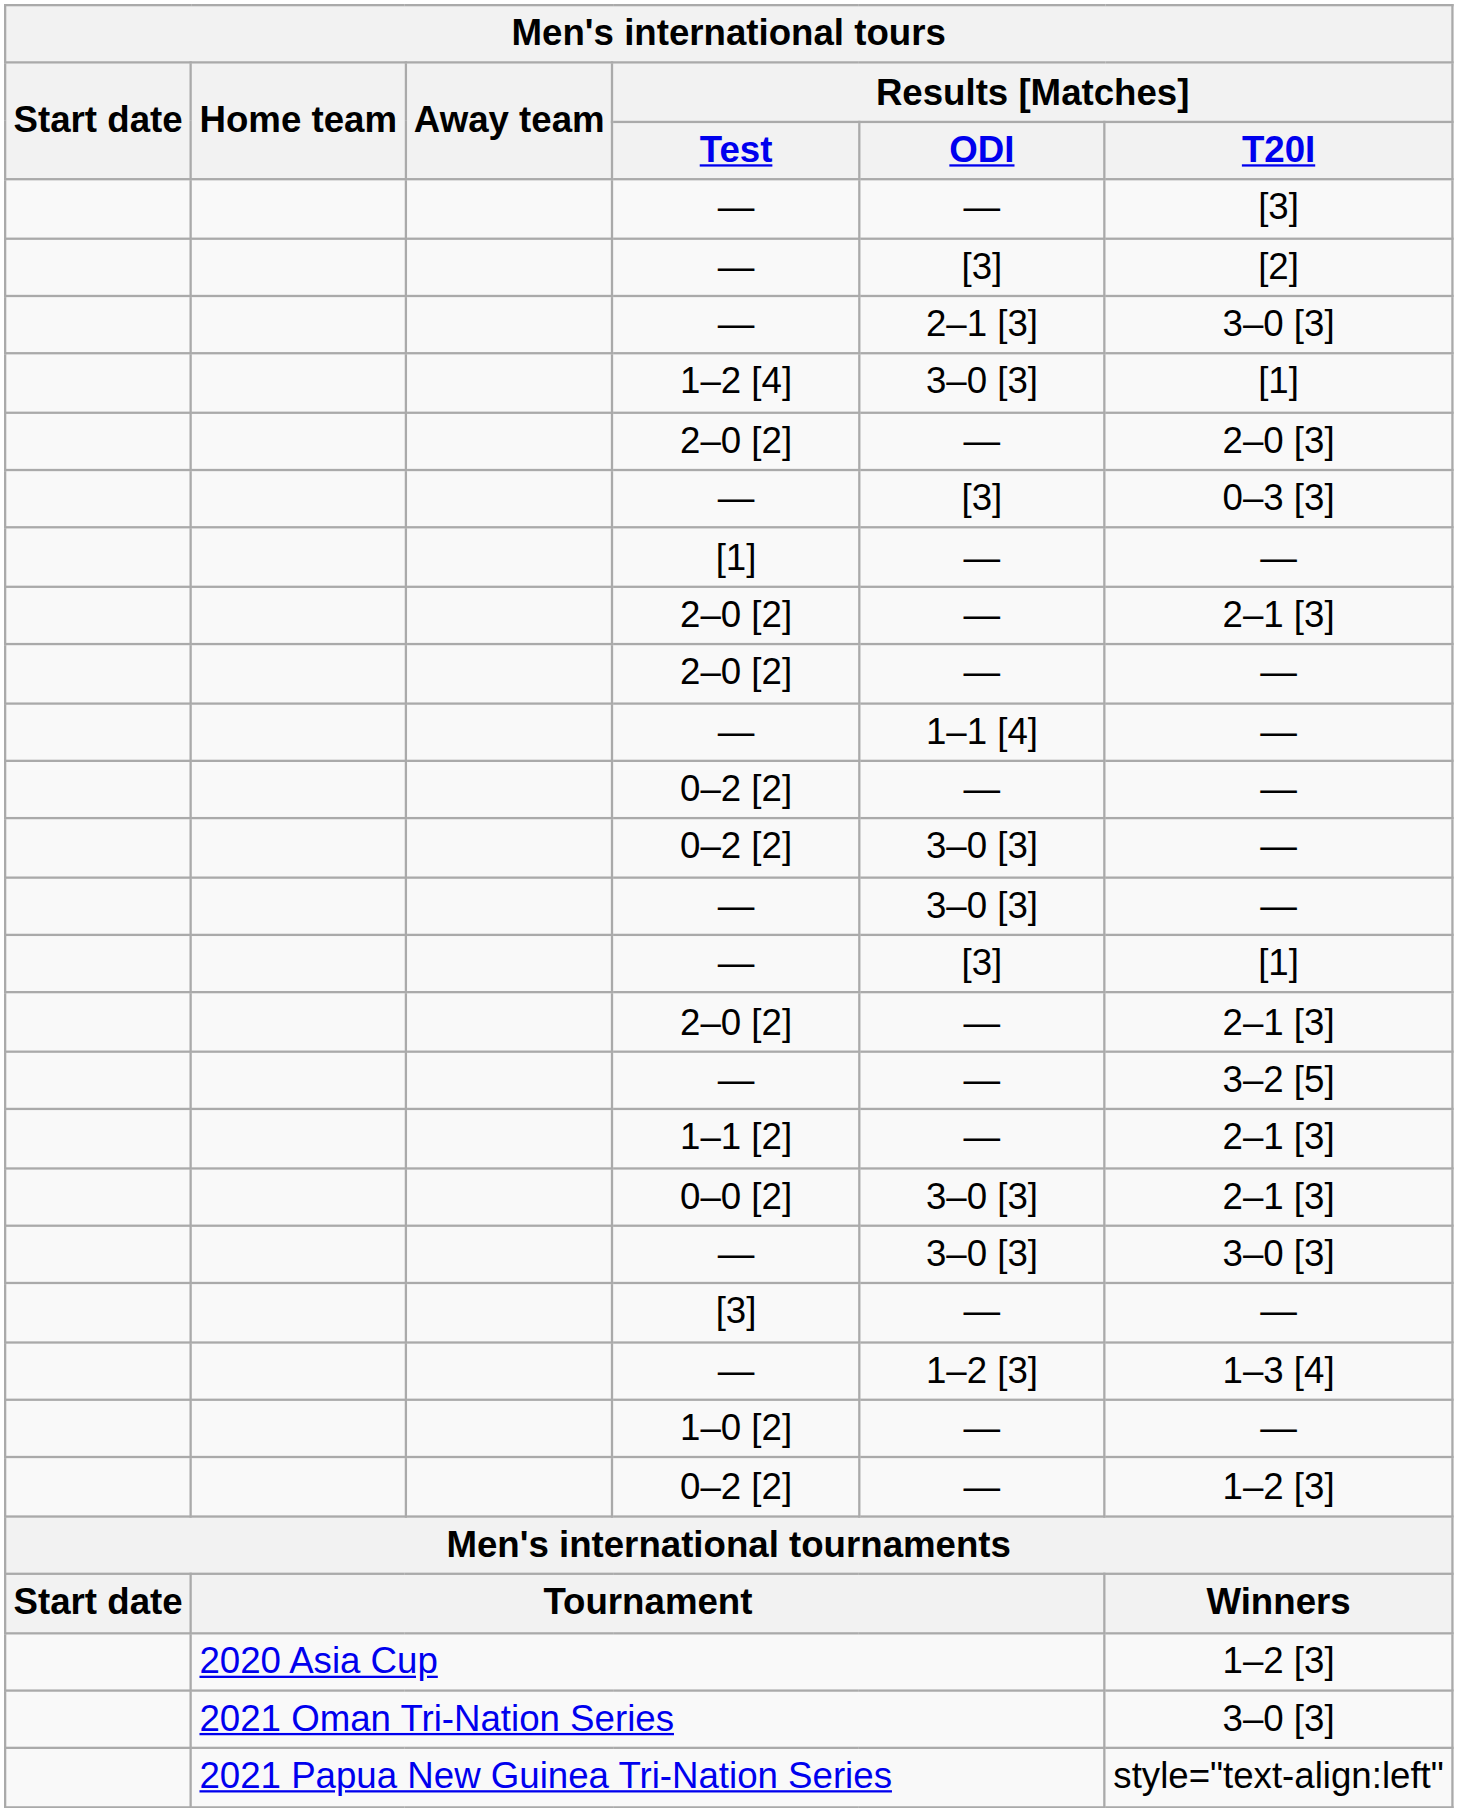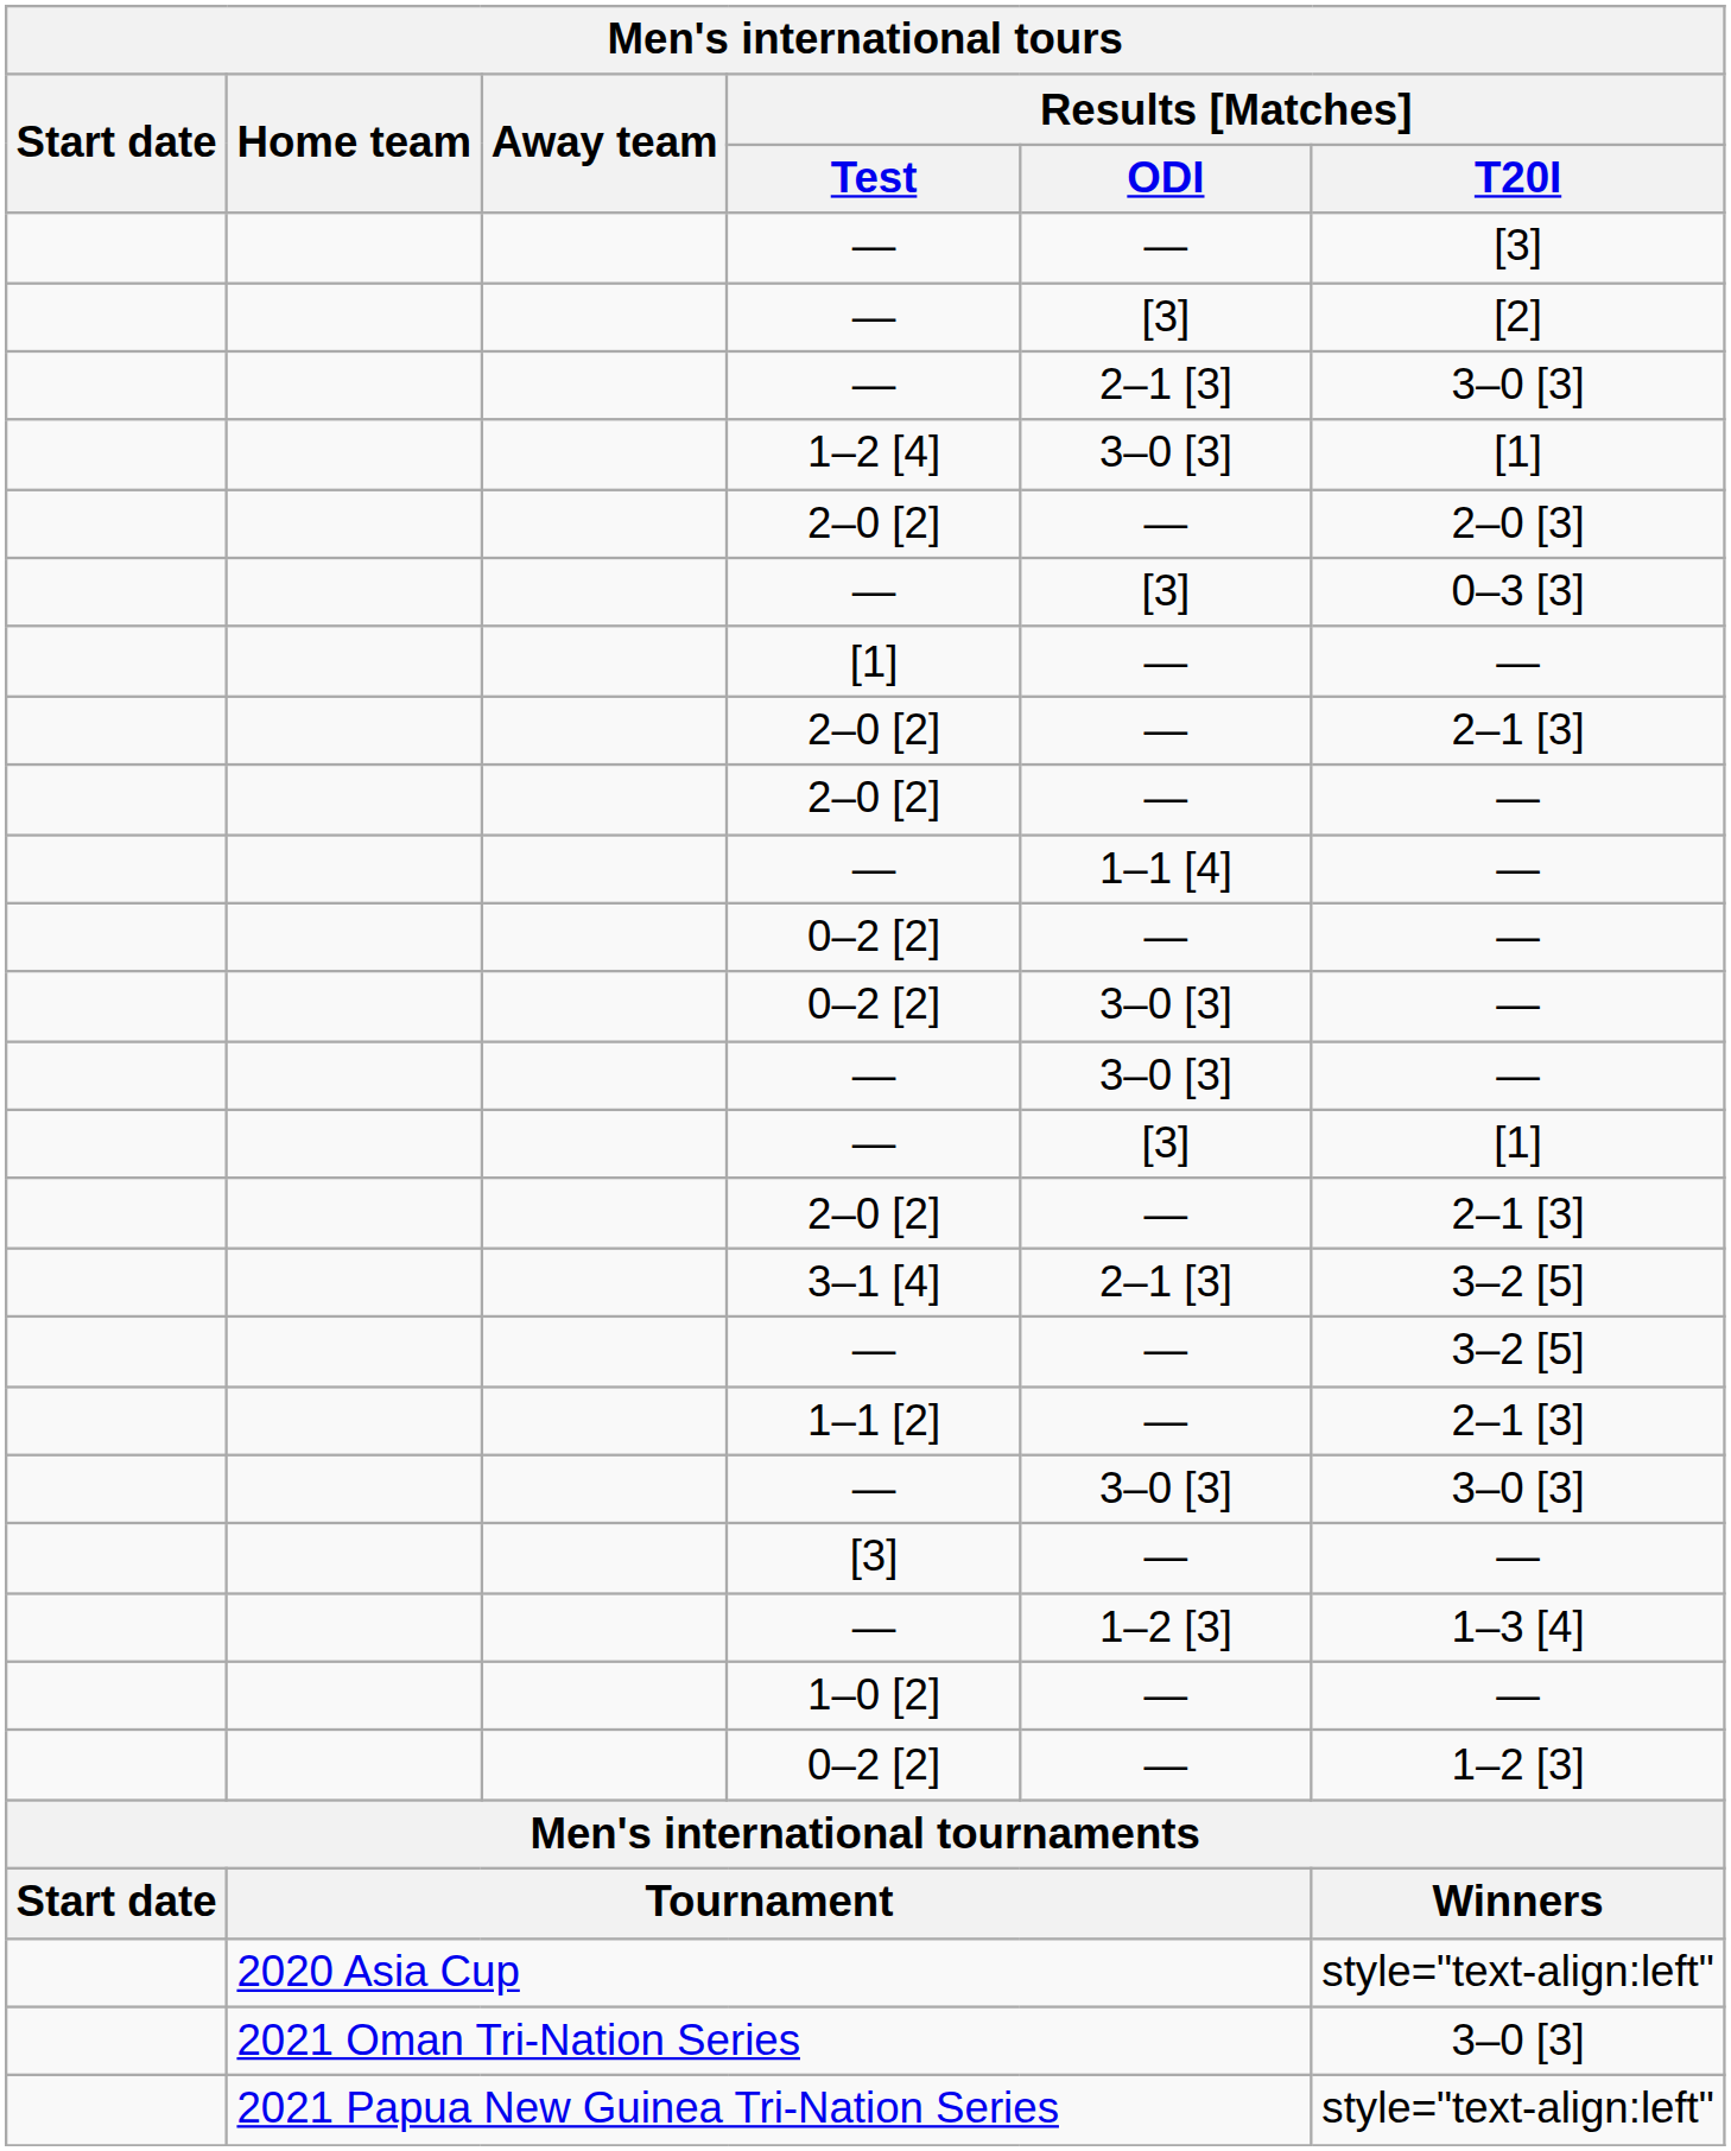 <table class="wikitable ubsortable" style="text-align:center; white-space:nowrap">
 <tr>
 <th colspan=6>Men's international tours</th>
 </tr>
 <tr>
 <th rowspan=2>Start date</th>
 <th rowspan=2>Home team</th>
 <th rowspan=2>Away team</th>
 <th colspan=3>Results [Matches]</th>
 </tr>
 <tr>
 <th width=100><a href='#'>Test</a></th>
 <th width=100><a href='#'>ODI</a></th>
 <th width=100><a href='#'>T20I</a></th>
 </tr>
 <tr>
 <td style="text-align:left"><a href='#'></a></td>
 <td style="text-align:left"></td>
 <td style="text-align:left"></td>
 <td>—</td>
 <td>—</td>
 <td>[3]</td>
 </tr>
 <tr>
 <td style="text-align:left"><a href='#'></a></td>
 <td style="text-align:left"></td>
 <td style="text-align:left"></td>
 <td>—</td>
 <td>[3]</td>
 <td>[2]</td>
 </tr>
 <tr>
 <td style="text-align:left"><a href='#'></a></td>
 <td style="text-align:left"></td>
 <td style="text-align:left"></td>
 <td>—</td>
 <td>2–1 [3]</td>
 <td>3–0 [3]</td>
 </tr>
 <tr>
 <td style="text-align:left"><a href='#'></a></td>
 <td style="text-align:left"></td>
 <td style="text-align:left"></td>
 <td>1–2 [4]</td>
 <td>3–0 [3]</td>
 <td>[1]</td>
 </tr>
 <tr>
 <td style="text-align:left"><a href='#'></a></td>
 <td style="text-align:left"></td>
 <td style="text-align:left"></td>
 <td>2–0 [2]</td>
 <td>—</td>
 <td>2–0 [3]</td>
 </tr>
 <tr>
 <td style="text-align:left"><a href='#'></a></td>
 <td style="text-align:left"></td>
 <td style="text-align:left"></td>
 <td>—</td>
 <td>[3]</td>
 <td>0–3 [3]</td>
 </tr>
 <tr>
 <td style="text-align:left"><a href='#'></a></td>
 <td style="text-align:left"></td>
 <td style="text-align:left"></td>
 <td>[1]</td>
 <td>—</td>
 <td>—</td>
 </tr>
 <tr>
 <td style="text-align:left"><a href='#'></a></td>
 <td style="text-align:left"></td>
 <td style="text-align:left"></td>
 <td>2–0 [2]</td>
 <td>—</td>
 <td>2–1 [3]</td>
 </tr>
 <tr>
 <td style="text-align:left"><a href='#'></a></td>
 <td style="text-align:left"></td>
 <td style="text-align:left"></td>
 <td>2–0 [2]</td>
 <td>—</td>
 <td>—</td>
 </tr>
 <tr>
 <td style="text-align:left"><a href='#'></a></td>
 <td style="text-align:left"></td>
 <td style="text-align:left"></td>
 <td>—</td>
 <td>1–1 [4]</td>
 <td>—</td>
 </tr>
 <tr>
 <td style="text-align:left"><a href='#'></a></td>
 <td style="text-align:left"></td>
 <td style="text-align:left"></td>
 <td>0–2 [2]</td>
 <td>—</td>
 <td>—</td>
 </tr>
 <tr>
 <td style="text-align:left"><a href='#'></a></td>
 <td style="text-align:left"></td>
 <td style="text-align:left"></td>
 <td>0–2 [2]</td>
 <td>3–0 [3]</td>
 <td>—</td>
 </tr>
 <tr>
 <td style="text-align:left"><a href='#'></a></td>
 <td style="text-align:left">  </td>
 <td style="text-align:left"></td>
 <td>—</td>
 <td>3–0 [3]</td>
 <td>—</td>
 </tr>
 <tr>
 <td style="text-align:left"><a href='#'></a></td>
 <td style="text-align:left"></td>
 <td style="text-align:left"></td>
 <td>—</td>
 <td>[3]</td>
 <td>[1]</td>
 </tr>
 <tr>
 <td style="text-align:left"><a href='#'></a></td>
 <td style="text-align:left"></td>
 <td style="text-align:left"></td>
 <td>2–0 [2]</td>
 <td>—</td>
 <td>2–1 [3]</td>
 </tr>
 <tr>
 <td style="text-align:left"><a href='#'></a></td>
 <td style="text-align:left"></td>
 <td style="text-align:left"></td>
+<td>3–1 [4]</td>
+<td>2–1 [3]</td>
+<td>3–2 [5]</td>
+</tr>
+<tr>
+<td style="text-align:left"><a href='#'></a></td>
+<td style="text-align:left"></td>
+<td style="text-align:left"></td>
 <td>—</td>
 <td>—</td>
 <td>3–2 [5]</td>
 </tr>
 <tr>
 <td style="text-align:left"><a href='#'></a></td>
 <td style="text-align:left">  </td>
 <td style="text-align:left"></td>
 <td>1–1 [2]</td>
 <td>—</td>
-<td>2–1 [3]</td>
-</tr>
-<tr>
-<td style="text-align:left"><a href='#'></a></td>
-<td style="text-align:left"></td>
-<td style="text-align:left"></td>
-<td>0–0 [2]</td>
-<td>3–0 [3]</td>
 <td>2–1 [3]</td>
 </tr>
 <tr>
 <td style="text-align:left"><a href='#'></a></td>
 <td style="text-align:left"></td>
 <td style="text-align:left"></td>
 <td>—</td>
 <td>3–0 [3]</td>
 <td>3–0 [3]</td>
 </tr>
 <tr>
 <td style="text-align:left"><a href='#'></a></td>
 <td style="text-align:left"></td>
 <td style="text-align:left"></td>
 <td>[3]</td>
 <td>—</td>
 <td>—</td>
 </tr>
 <tr>
 <td style="text-align:left"><a href='#'></a></td>
 <td style="text-align:left"></td>
 <td style="text-align:left"></td>
 <td>—</td>
 <td>1–2 [3]</td>
 <td>1–3 [4]</td>
 </tr>
 <tr>
 <td style="text-align:left"><a href='#'></a></td>
 <td style="text-align:left"></td>
 <td style="text-align:left"></td>
 <td>1–0 [2]</td>
 <td>—</td>
 <td>—</td>
 </tr>
 <tr>
 <td style="text-align:left"><a href='#'></a></td>
 <td style="text-align:left"></td>
 <td style="text-align:left"></td>
 <td>0–2 [2]</td>
 <td>—</td>
 <td>1–2 [3]</td>
 </tr>
 <tr>
 <th colspan=6>Men's international tournaments</th>
 </tr>
 <tr>
 <th>Start date</th>
 <th colspan=4>Tournament</th>
 <th>Winners</th>
 </tr>
 <tr>
 <td style="text-align:left"><a href='#'></a></td>
 <td style="text-align:left" colspan=4><a href='#'>2020 Asia Cup</a></td>
-<td>1–2 [3]</td>
+<td>style="text-align:left" </td>
 </tr>
 <tr>
 <td style="text-align:left"><a href='#'></a></td>
 <td style="text-align:left" colspan=4> <a href='#'>2021 Oman Tri-Nation Series</a></td>
 <td>3–0 [3]</td>
 </tr>
 <tr>
 <td style="text-align:left"><a href='#'></a></td>
 <td style="text-align:left" colspan=4> <a href='#'>2021 Papua New Guinea Tri-Nation Series</a></td>
 <td>style="text-align:left" </td>
 </tr>
 </table>
